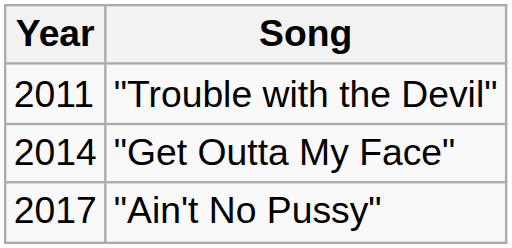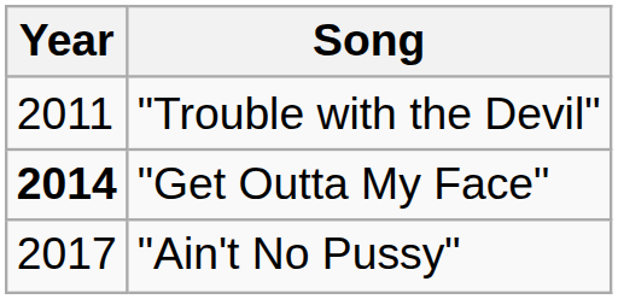 <table class="wikitable">
 <tr>
 <th>Year</th>
 <th>Song</th>
 </tr>
 <tr>
 <td>2011</td>
 <td>"Trouble with the Devil"</td>
 </tr>
 <tr>
-<td>2014</td>
+<td><strong>2014</strong></td>
 <td>"Get Outta My Face"</td>
 </tr>
 <tr>
 <td>2017</td>
 <td>"Ain't No Pussy"</td>
 </tr>
 </table>
